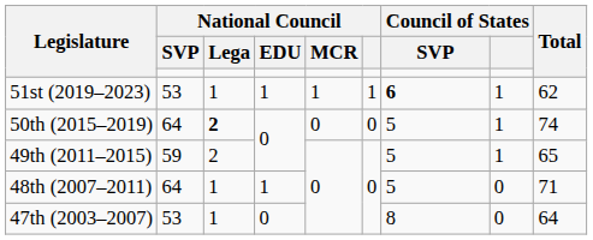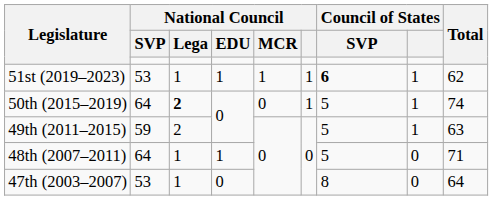 <table class="wikitable">
 <tr>
 <th rowspan="3">Legislature</th>
 <th colspan="5">National Council</th>
 <th colspan="2">Council of States</th>
 <th rowspan="3">Total</th>
 </tr>
 <tr>
 <th>SVP</th>
 <th>Lega</th>
 <th>EDU</th>
 <th>MCR</th>
 <th></th>
 <th>SVP</th>
 <th></th>
 </tr>
 <tr>
 <td style="background-color:"></td>
 <td style="background-color:"></td>
 <td style="background-color:"></td>
 <td style="background-color:"></td>
 <td style="background-color:"></td>
 <td style="background-color:"></td>
 <td style="background-color:"></td>
 </tr>
 <tr>
 <td>51st (2019–2023)</td>
 <td>53</td>
 <td>1</td>
 <td>1</td>
 <td>1</td>
 <td>1</td>
 <td><strong>6</strong></td>
 <td>1</td>
 <td>62</td>
 </tr>
 <tr>
 <td>50th (2015–2019)</td>
 <td>64</td>
 <td><strong>2</strong></td>
 <td rowspan="2">0</td>
 <td>0</td>
-<td>0</td>
+<td>1</td>
 <td>5</td>
 <td>1</td>
 <td>74</td>
 </tr>
 <tr>
 <td>49th (2011–2015)</td>
 <td>59</td>
 <td>2</td>
 <td rowspan="3">0</td>
 <td rowspan="3">0</td>
 <td>5</td>
 <td>1</td>
-<td>65</td>
+<td>63</td>
 </tr>
 <tr>
 <td>48th (2007–2011)</td>
 <td>64</td>
 <td>1</td>
 <td>1</td>
 <td>5</td>
 <td>0</td>
 <td>71</td>
 </tr>
 <tr>
 <td>47th (2003–2007)</td>
 <td>53</td>
 <td>1</td>
 <td>0</td>
 <td>8</td>
 <td>0</td>
 <td>64</td>
 </tr>
 </table>
